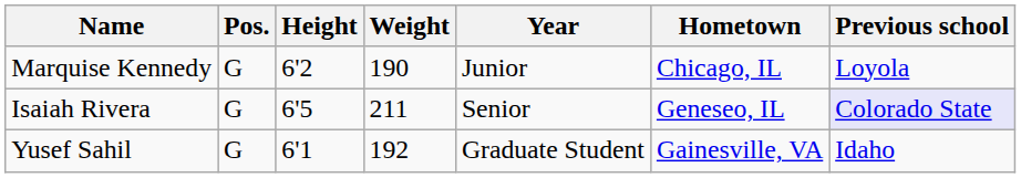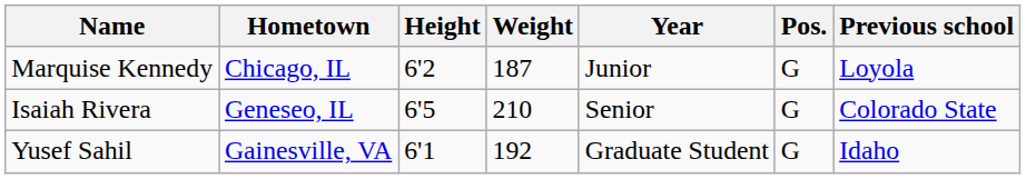 <table class="wikitable sortable" border="1">
 <tr align=center>
 <th>Name</th>
-<th>Pos.</th>
+<th>Hometown</th>
 <th>Height</th>
 <th>Weight</th>
 <th>Year</th>
-<th>Hometown</th>
+<th>Pos.</th>
 <th>Previous school</th>
 </tr>
 <tr>
 <td>Marquise Kennedy</td>
+<td><a href='#'>Chicago, IL</a></td>
+<td>6'2</td>
+<td>187</td>
+<td>Junior</td>
 <td>G</td>
-<td>6'2</td>
-<td>190</td>
-<td>Junior</td>
-<td><a href='#'>Chicago, IL</a></td>
 <td><a href='#'>Loyola</a></td>
 </tr>
 <tr>
 <td>Isaiah Rivera</td>
+<td><a href='#'>Geneseo, IL</a></td>
+<td>6'5</td>
+<td>210</td>
+<td>Senior</td>
 <td>G</td>
-<td>6'5</td>
-<td>211</td>
-<td>Senior</td>
-<td><a href='#'>Geneseo, IL</a></td>
-<td style="background: lavender;"><a href='#'>Colorado State</a></td>
+<td><a href='#'>Colorado State</a></td>
 </tr>
 <tr>
 <td>Yusef Sahil</td>
-<td>G</td>
+<td><a href='#'>Gainesville, VA</a></td>
 <td>6'1</td>
 <td>192</td>
 <td>Graduate Student</td>
-<td><a href='#'>Gainesville, VA</a></td>
+<td>G</td>
 <td><a href='#'>Idaho</a></td>
 </tr>
 </table>
